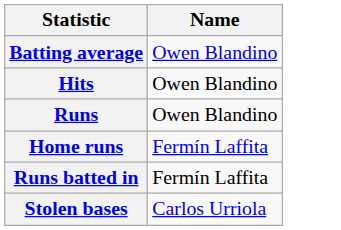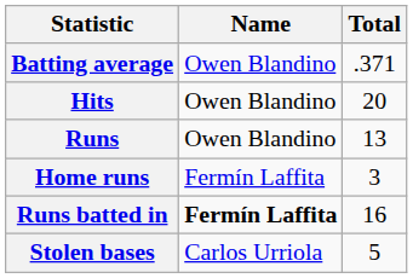 <table class="wikitable plainrowheaders">
 <tr>
 <th scope="col">Statistic</th>
 <th scope="col">Name</th>
+<th scope="col">Total</th>
 </tr>
 <tr>
 <th scope="row"><a href='#'>Batting average</a></th>
 <td> <a href='#'>Owen Blandino</a></td>
+<td align=center>.371</td>
 </tr>
 <tr>
 <th scope="row"><a href='#'>Hits</a></th>
 <td> Owen Blandino</td>
+<td align=center>20</td>
 </tr>
 <tr>
 <th scope="row"><a href='#'>Runs</a></th>
 <td> Owen Blandino</td>
+<td align=center>13</td>
 </tr>
 <tr>
 <th scope="row"><a href='#'>Home runs</a></th>
 <td> <a href='#'>Fermín Laffita</a></td>
+<td align=center>3</td>
 </tr>
 <tr>
 <th scope="row"><a href='#'>Runs batted in</a></th>
-<td> Fermín Laffita</td>
+<td><strong> Fermín Laffita</strong></td>
+<td align=center>16</td>
 </tr>
 <tr>
 <th scope="row"><a href='#'>Stolen bases</a></th>
 <td> <a href='#'>Carlos Urriola</a></td>
+<td align=center>5</td>
 </tr>
 </table>
